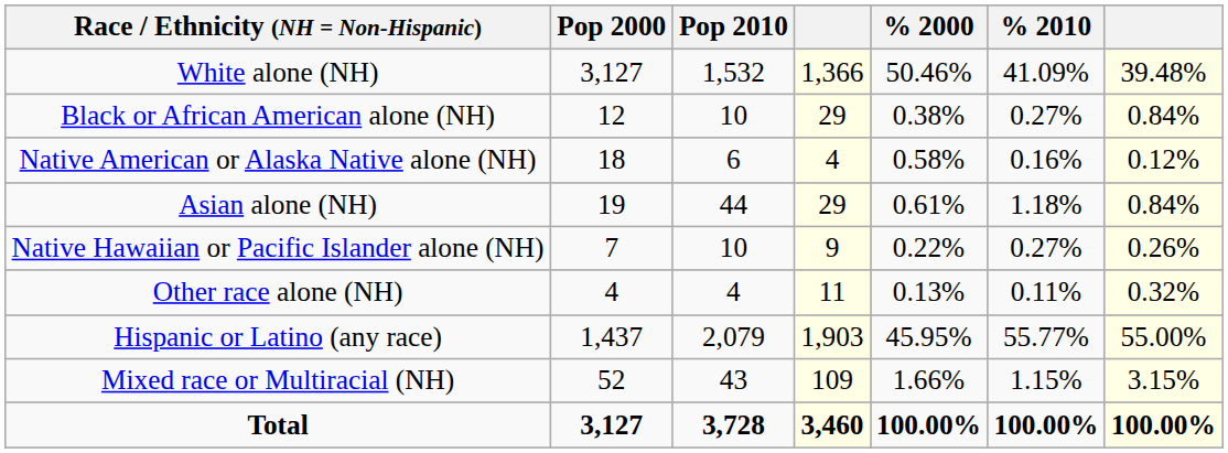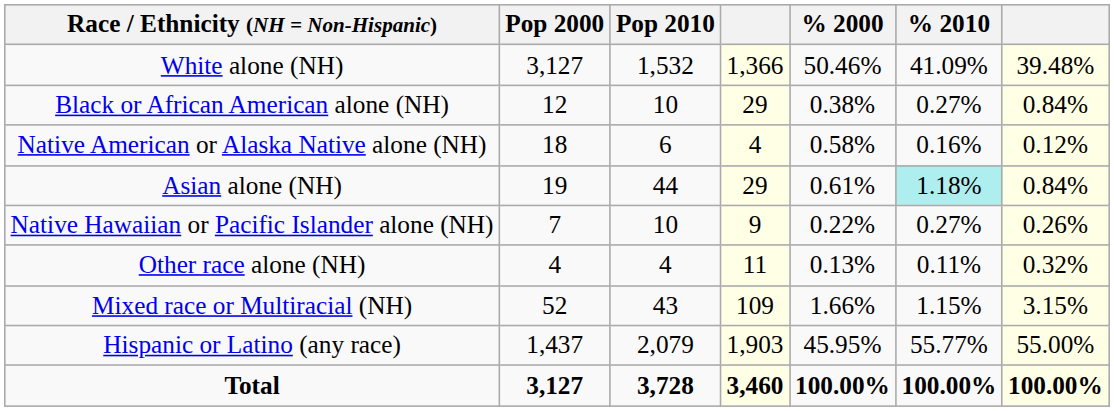 <table class="wikitable" style="text-align:center;">
 <tr>
 <th>Race / Ethnicity <small>(<em>NH = Non-Hispanic</em>)</small></th>
 <th>Pop 2000</th>
 <th>Pop 2010</th>
 <th></th>
 <th>% 2000</th>
 <th>% 2010</th>
 <th></th>
 </tr>
 <tr>
 <td><a href='#'>White</a> alone (NH)</td>
 <td>3,127</td>
 <td>1,532</td>
 <td style='background: #ffffe6;'>1,366</td>
 <td>50.46%</td>
 <td>41.09%</td>
 <td style='background: #ffffe6;'>39.48%</td>
 </tr>
 <tr>
 <td><a href='#'>Black or African American</a> alone (NH)</td>
 <td>12</td>
 <td>10</td>
 <td style='background: #ffffe6;'>29</td>
 <td>0.38%</td>
 <td>0.27%</td>
 <td style='background: #ffffe6;'>0.84%</td>
 </tr>
 <tr>
 <td><a href='#'>Native American</a> or <a href='#'>Alaska Native</a> alone (NH)</td>
 <td>18</td>
 <td>6</td>
 <td style='background: #ffffe6;'>4</td>
 <td>0.58%</td>
 <td>0.16%</td>
 <td style='background: #ffffe6;'>0.12%</td>
 </tr>
 <tr>
 <td><a href='#'>Asian</a> alone (NH)</td>
 <td>19</td>
 <td>44</td>
 <td style='background: #ffffe6;'>29</td>
 <td>0.61%</td>
-<td>1.18%</td>
+<td style="background: paleturquoise;">1.18%</td>
 <td style='background: #ffffe6;'>0.84%</td>
 </tr>
 <tr>
 <td><a href='#'>Native Hawaiian</a> or <a href='#'>Pacific Islander</a> alone (NH)</td>
 <td>7</td>
 <td>10</td>
 <td style='background: #ffffe6;'>9</td>
 <td>0.22%</td>
 <td>0.27%</td>
 <td style='background: #ffffe6;'>0.26%</td>
 </tr>
 <tr>
 <td><a href='#'>Other race</a> alone (NH)</td>
 <td>4</td>
 <td>4</td>
 <td style='background: #ffffe6;'>11</td>
 <td>0.13%</td>
 <td>0.11%</td>
 <td style='background: #ffffe6;'>0.32%</td>
 </tr>
 <tr>
+<td><a href='#'>Mixed race or Multiracial</a> (NH)</td>
+<td>52</td>
+<td>43</td>
+<td style='background: #ffffe6;'>109</td>
+<td>1.66%</td>
+<td>1.15%</td>
+<td style='background: #ffffe6;'>3.15%</td>
+</tr>
+<tr>
 <td><a href='#'>Hispanic or Latino</a> (any race)</td>
 <td>1,437</td>
 <td>2,079</td>
 <td style='background: #ffffe6;'>1,903</td>
 <td>45.95%</td>
 <td>55.77%</td>
 <td style='background: #ffffe6;'>55.00%</td>
-</tr>
-<tr>
-<td><a href='#'>Mixed race or Multiracial</a> (NH)</td>
-<td>52</td>
-<td>43</td>
-<td style='background: #ffffe6;'>109</td>
-<td>1.66%</td>
-<td>1.15%</td>
-<td style='background: #ffffe6;'>3.15%</td>
 </tr>
 <tr>
 <td><strong>Total</strong></td>
 <td><strong>3,127</strong></td>
 <td><strong>3,728</strong></td>
 <td style='background: #ffffe6;'><strong>3,460</strong></td>
 <td><strong>100.00%</strong></td>
 <td><strong>100.00%</strong></td>
 <td style='background: #ffffe6;'><strong>100.00%</strong></td>
 </tr>
 </table>
